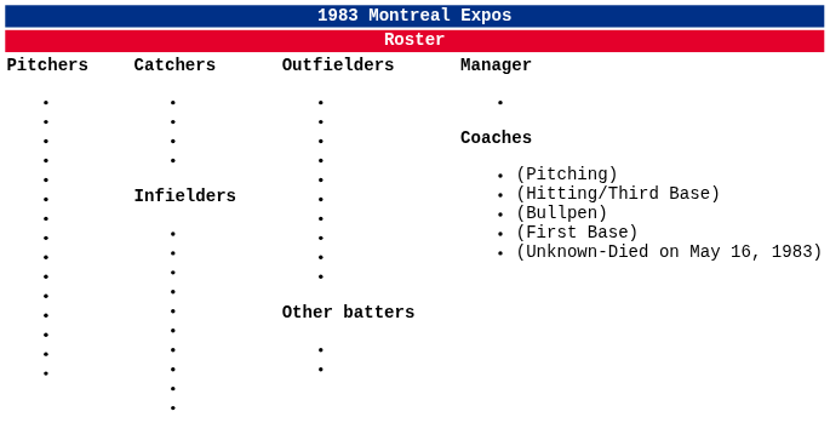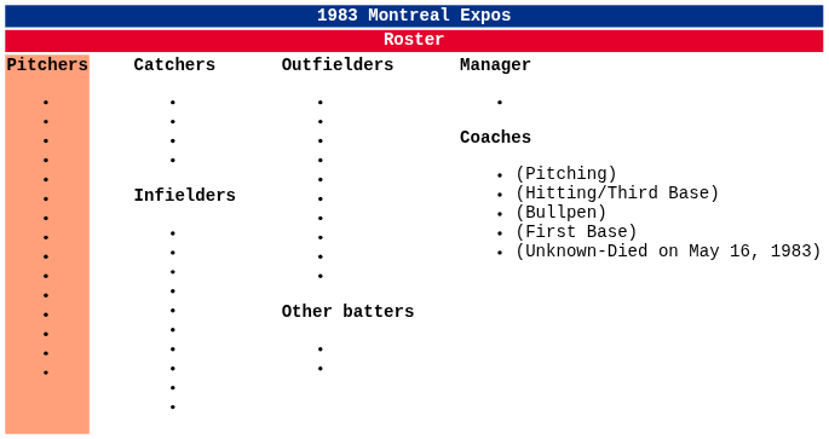 <table class="toccolours" style="font-size: 95%;">
 <tr>
 <th colspan="10" style="background-color: #003087; color: #FFFFFF; text-align: center;">1983 Montreal Expos</th>
 </tr>
 <tr>
 <td colspan="10" style="background-color: #E4002B; color: #FFFFFF; text-align: center;"><strong>Roster</strong></td>
 </tr>
 <tr>
-<td valign="top"><strong>Pitchers</strong><br><ul><li></li><li></li><li></li><li></li><li></li><li></li><li></li><li></li><li></li><li></li><li></li><li></li><li></li><li></li><li></li></ul></td>
+<td valign="top" style="background: lightsalmon;"><strong>Pitchers</strong><br><ul><li></li><li></li><li></li><li></li><li></li><li></li><li></li><li></li><li></li><li></li><li></li><li></li><li></li><li></li><li></li></ul></td>
 <td width="25px"></td>
 <td valign="top"><strong>Catchers</strong><br><ul><li></li><li></li><li></li><li></li></ul><strong>Infielders</strong><ul><li></li><li></li><li></li><li></li><li></li><li></li><li></li><li></li><li></li><li></li></ul></td>
 <td width="25px"></td>
 <td valign="top"><strong>Outfielders</strong><br><ul><li></li><li></li><li></li><li></li><li></li><li></li><li></li><li></li><li></li><li></li></ul><strong>Other batters</strong><ul><li></li><li></li></ul></td>
 <td width="25px"></td>
 <td valign="top"><strong>Manager</strong><br><ul><li></li></ul><strong>Coaches</strong><ul><li> (Pitching)</li><li> (Hitting/Third Base)</li><li> (Bullpen)</li><li> (First Base)</li><li> (Unknown-Died on May 16, 1983)</li></ul></td>
 </tr>
 <tr>
 </tr>
 </table>
